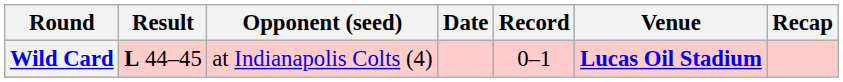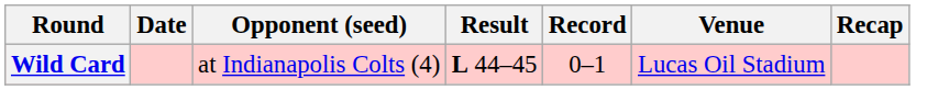 <table class="wikitable" style="text-align:center">
 <tr>
 <th>Round</th>
+<th>Date</th>
+<th>Opponent (seed)</th>
 <th>Result</th>
-<th>Opponent (seed)</th>
-<th>Date</th>
 <th>Record</th>
 <th>Venue</th>
 <th>Recap</th>
 </tr>
 <tr style="background:#fcc">
 <th><a href='#'>Wild Card</a></th>
+<td></td>
+<td>at <a href='#'>Indianapolis Colts</a> (4)</td>
 <td><strong>L</strong> 44–45</td>
-<td>at <a href='#'>Indianapolis Colts</a> (4)</td>
-<td></td>
 <td>0–1</td>
-<td><strong><a href='#'>Lucas Oil Stadium</a></strong></td>
+<td><a href='#'>Lucas Oil Stadium</a></td>
 <td></td>
 </tr>
 </table>
